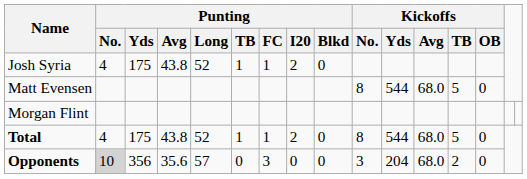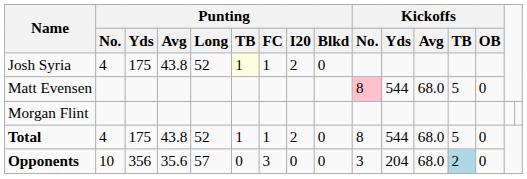 <table class="wikitable" style="white-space:nowrap;">
 <tr>
 <th rowspan="2">Name</th>
 <th colspan="8">Punting</th>
 <th colspan="5">Kickoffs</th>
 </tr>
 <tr>
 <th>No.</th>
 <th>Yds</th>
 <th>Avg</th>
 <th>Long</th>
 <th>TB</th>
 <th>FC</th>
 <th>I20</th>
 <th>Blkd</th>
 <th>No.</th>
 <th>Yds</th>
 <th>Avg</th>
 <th>TB</th>
 <th>OB</th>
 </tr>
 <tr>
 <td>Josh Syria</td>
 <td>4</td>
 <td>175</td>
 <td>43.8</td>
 <td>52</td>
-<td>1</td>
+<td style="background: lightyellow;">1</td>
 <td>1</td>
 <td>2</td>
 <td>0</td>
 <td> </td>
 <td> </td>
 <td> </td>
 <td> </td>
 <td></td>
 </tr>
 <tr>
 <td>Matt Evensen</td>
 <td> </td>
 <td> </td>
 <td> </td>
 <td> </td>
 <td> </td>
 <td> </td>
 <td> </td>
 <td> </td>
-<td>8</td>
+<td style="background: pink;">8</td>
 <td>544</td>
 <td>68.0</td>
 <td>5</td>
 <td>0</td>
 </tr>
 <tr>
 <td>Morgan Flint</td>
 <td> </td>
 <td> </td>
 <td> </td>
 <td> </td>
 <td> </td>
 <td> </td>
 <td> </td>
 <td> </td>
 <td> </td>
 <td> </td>
 <td> </td>
 <td> </td>
 <td> </td>
 <td> </td>
 <td></td>
 </tr>
 <tr>
 <td><strong>Total</strong></td>
 <td>4</td>
 <td>175</td>
 <td>43.8</td>
 <td>52</td>
 <td>1</td>
 <td>1</td>
 <td>2</td>
 <td>0</td>
 <td>8</td>
 <td>544</td>
 <td>68.0</td>
 <td>5</td>
 <td>0</td>
 </tr>
 <tr>
 <td><strong>Opponents</strong></td>
-<td style="background: lightgrey;">10</td>
+<td>10</td>
 <td>356</td>
 <td>35.6</td>
 <td>57</td>
 <td>0</td>
 <td>3</td>
 <td>0</td>
 <td>0</td>
 <td>3</td>
 <td>204</td>
 <td>68.0</td>
-<td>2</td>
+<td style="background: lightblue;">2</td>
 <td>0</td>
 </tr>
 </table>
